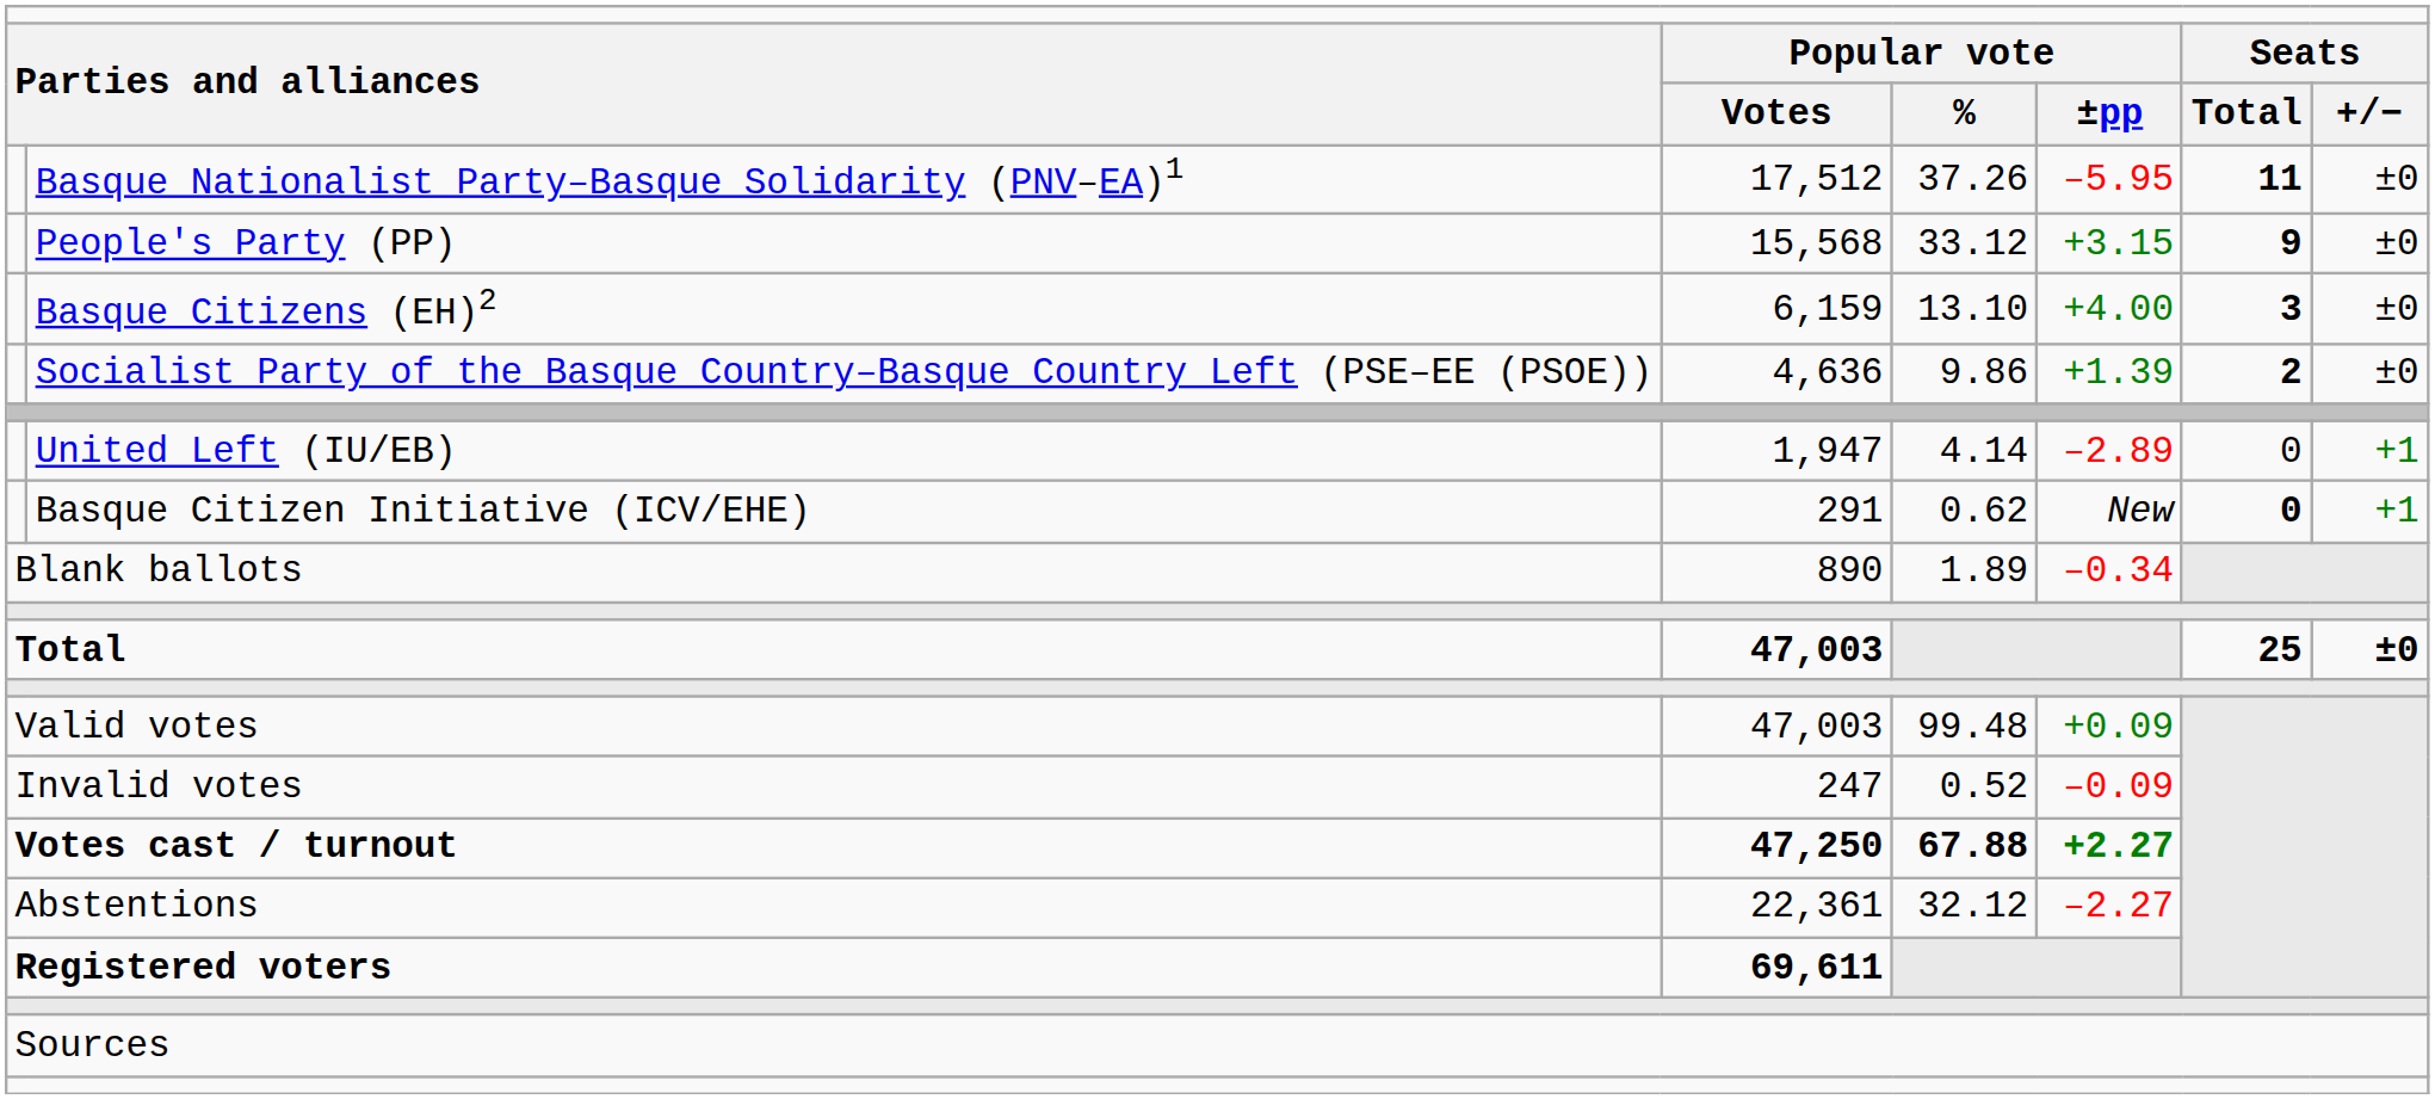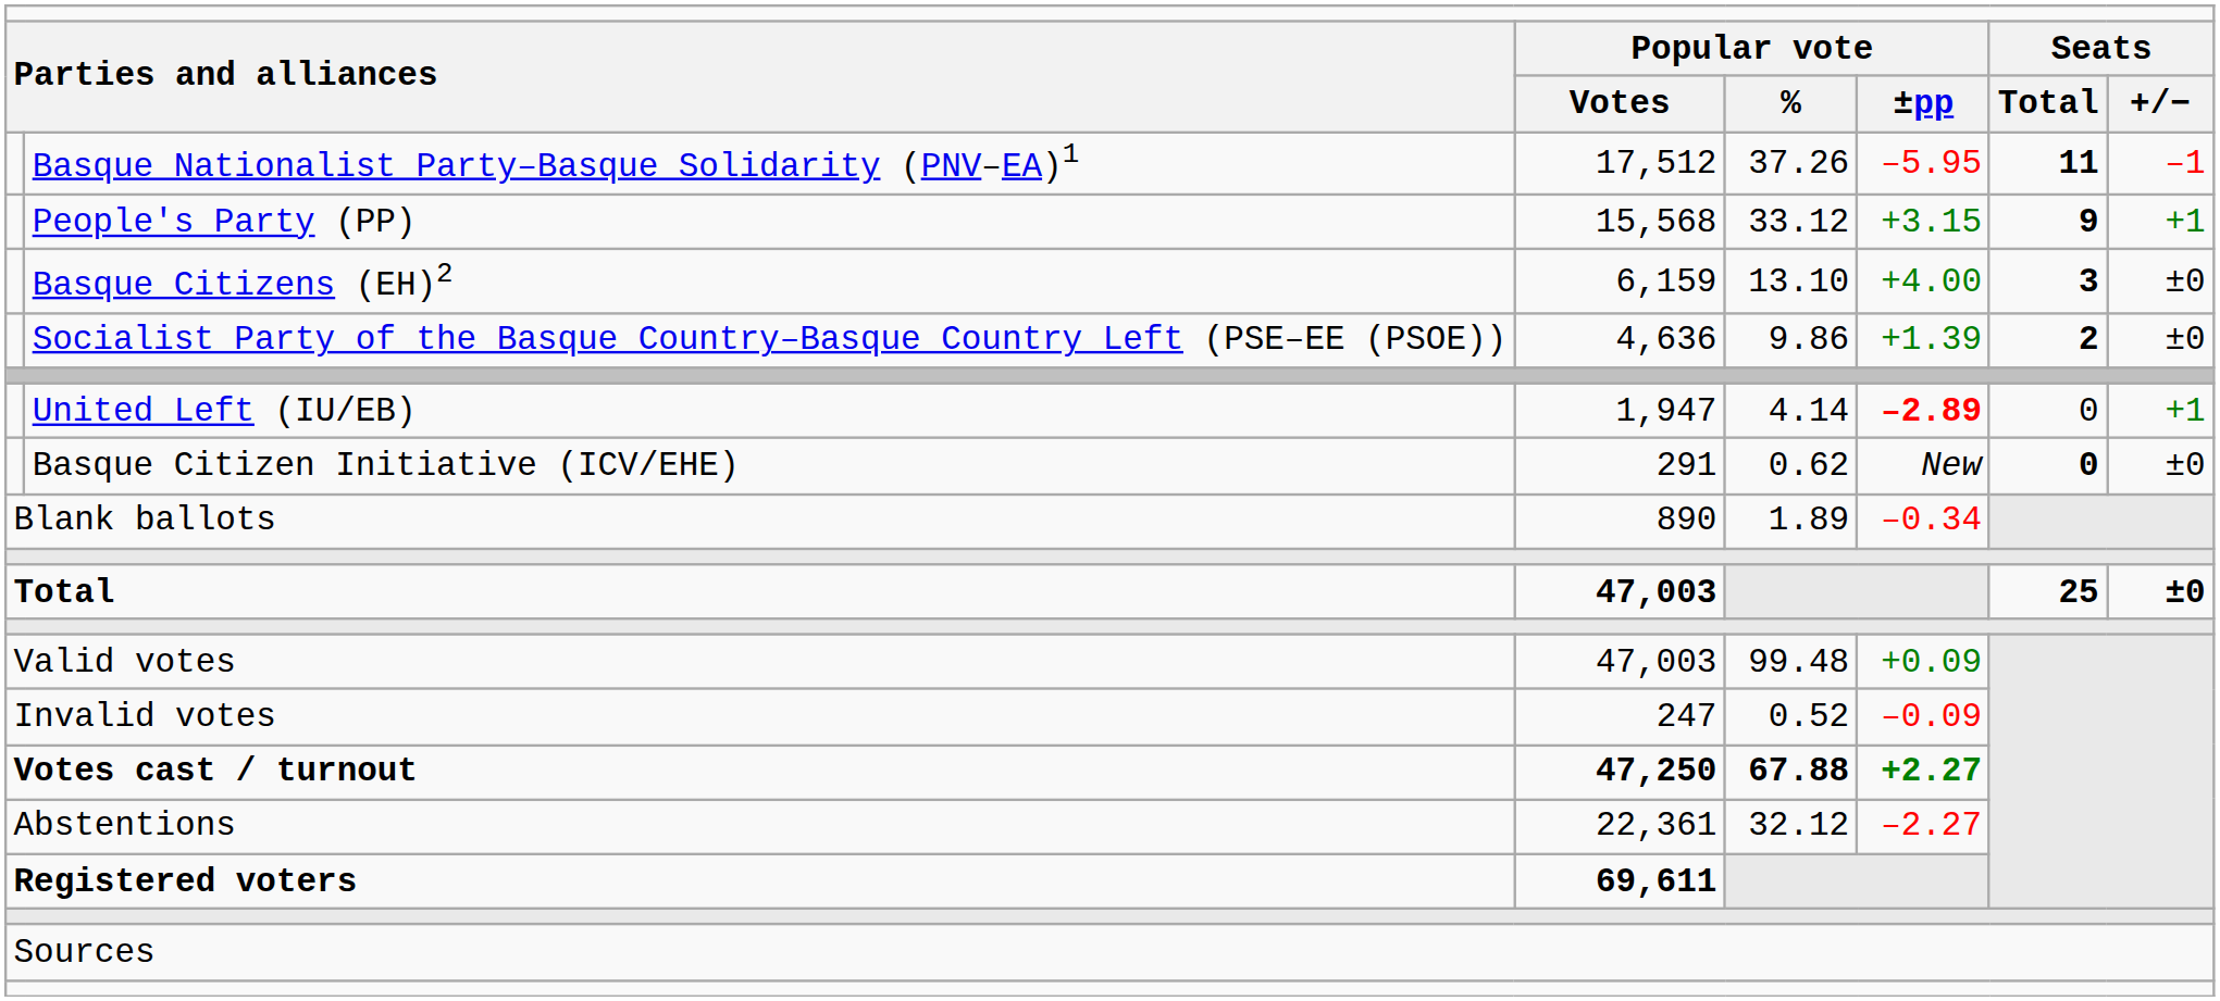 <table class="wikitable" style="text-align:right;">
 <tr>
 <td colspan="7"></td>
 </tr>
 <tr>
 <th style="text-align:left;" rowspan="2" colspan="2" width="525">Parties and alliances</th>
 <th colspan="3">Popular vote</th>
 <th colspan="2">Seats</th>
 </tr>
 <tr>
 <th width="75">Votes</th>
 <th width="45">%</th>
 <th width="45">±<a href='#'>pp</a></th>
 <th width="35">Total</th>
 <th width="35">+/−</th>
 </tr>
 <tr>
 <td width="1" style="color:inherit;background:"></td>
 <td align="left"><a href='#'>Basque Nationalist Party–Basque Solidarity</a> (<a href='#'>PNV</a>–<a href='#'>EA</a>)<sup>1</sup></td>
 <td>17,512</td>
 <td>37.26</td>
 <td style="color:red;">–5.95</td>
 <td><strong>11</strong></td>
-<td>±0</td>
+<td style="color:red;">–1</td>
 </tr>
 <tr>
 <td style="color:inherit;background:"></td>
 <td align="left"><a href='#'>People's Party</a> (PP)</td>
 <td>15,568</td>
 <td>33.12</td>
 <td style="color:green;">+3.15</td>
 <td><strong>9</strong></td>
-<td>±0</td>
+<td style="color:green;">+1</td>
 </tr>
 <tr>
 <td style="color:inherit;background:"></td>
 <td align="left"><a href='#'>Basque Citizens</a> (EH)<sup>2</sup></td>
 <td>6,159</td>
 <td>13.10</td>
 <td style="color:green;">+4.00</td>
 <td><strong>3</strong></td>
 <td>±0</td>
 </tr>
 <tr>
 <td style="color:inherit;background:"></td>
 <td align="left"><a href='#'>Socialist Party of the Basque Country–Basque Country Left</a> (PSE–EE (PSOE))</td>
 <td>4,636</td>
 <td>9.86</td>
 <td style="color:green;">+1.39</td>
 <td><strong>2</strong></td>
 <td>±0</td>
 </tr>
 <tr>
 <td colspan="7" style="color:inherit;background:#C0C0C0"></td>
 </tr>
 <tr>
 <td style="color:inherit;background:"></td>
 <td align="left"><a href='#'>United Left</a> (IU/EB)</td>
 <td>1,947</td>
 <td>4.14</td>
-<td style="color:red;">–2.89</td>
+<td style="color:red;"><strong>–2.89</strong></td>
 <td>0</td>
 <td style="color:green;">+1</td>
 </tr>
 <tr>
 <td style="color:inherit;background:"></td>
 <td align="left">Basque Citizen Initiative (ICV/EHE)</td>
 <td>291</td>
 <td>0.62</td>
 <td><em>New</em></td>
 <td><strong>0</strong></td>
-<td style="color:green;">+1</td>
+<td>±0</td>
 </tr>
 <tr>
 <td align="left" colspan="2">Blank ballots</td>
 <td>890</td>
 <td>1.89</td>
 <td style="color:red;">–0.34</td>
 <td style="color:inherit;background:#E9E9E9" colspan="2"></td>
 </tr>
 <tr>
 <td colspan="7" style="color:inherit;background:#E9E9E9"></td>
 </tr>
 <tr style="font-weight:bold;">
 <td align="left" colspan="2">Total</td>
 <td>47,003</td>
 <td bgcolor="#E9E9E9" colspan="2"></td>
 <td>25</td>
 <td>±0</td>
 </tr>
 <tr>
 <td colspan="7" style="color:inherit;background:#E9E9E9"></td>
 </tr>
 <tr>
 <td align="left" colspan="2">Valid votes</td>
 <td>47,003</td>
 <td>99.48</td>
 <td style="color:green;">+0.09</td>
 <td bgcolor="#E9E9E9" colspan="2" rowspan="5"></td>
 </tr>
 <tr>
 <td align="left" colspan="2">Invalid votes</td>
 <td>247</td>
 <td>0.52</td>
 <td style="color:red;">–0.09</td>
 </tr>
 <tr style="font-weight:bold;">
 <td align="left" colspan="2">Votes cast / turnout</td>
 <td>47,250</td>
 <td>67.88</td>
 <td style="color:green;">+2.27</td>
 </tr>
 <tr>
 <td align="left" colspan="2">Abstentions</td>
 <td>22,361</td>
 <td>32.12</td>
 <td style="color:red;">–2.27</td>
 </tr>
 <tr style="font-weight:bold;">
 <td align="left" colspan="2">Registered voters</td>
 <td>69,611</td>
 <td bgcolor="#E9E9E9" colspan="2"></td>
 </tr>
 <tr>
 <td colspan="7" style="color:inherit;background:#E9E9E9"></td>
 </tr>
 <tr>
 <td align="left" colspan="7">Sources</td>
 </tr>
 <tr>
 <td colspan="7" style="text-align:left; max-width:790px;"></td>
 </tr>
 </table>
